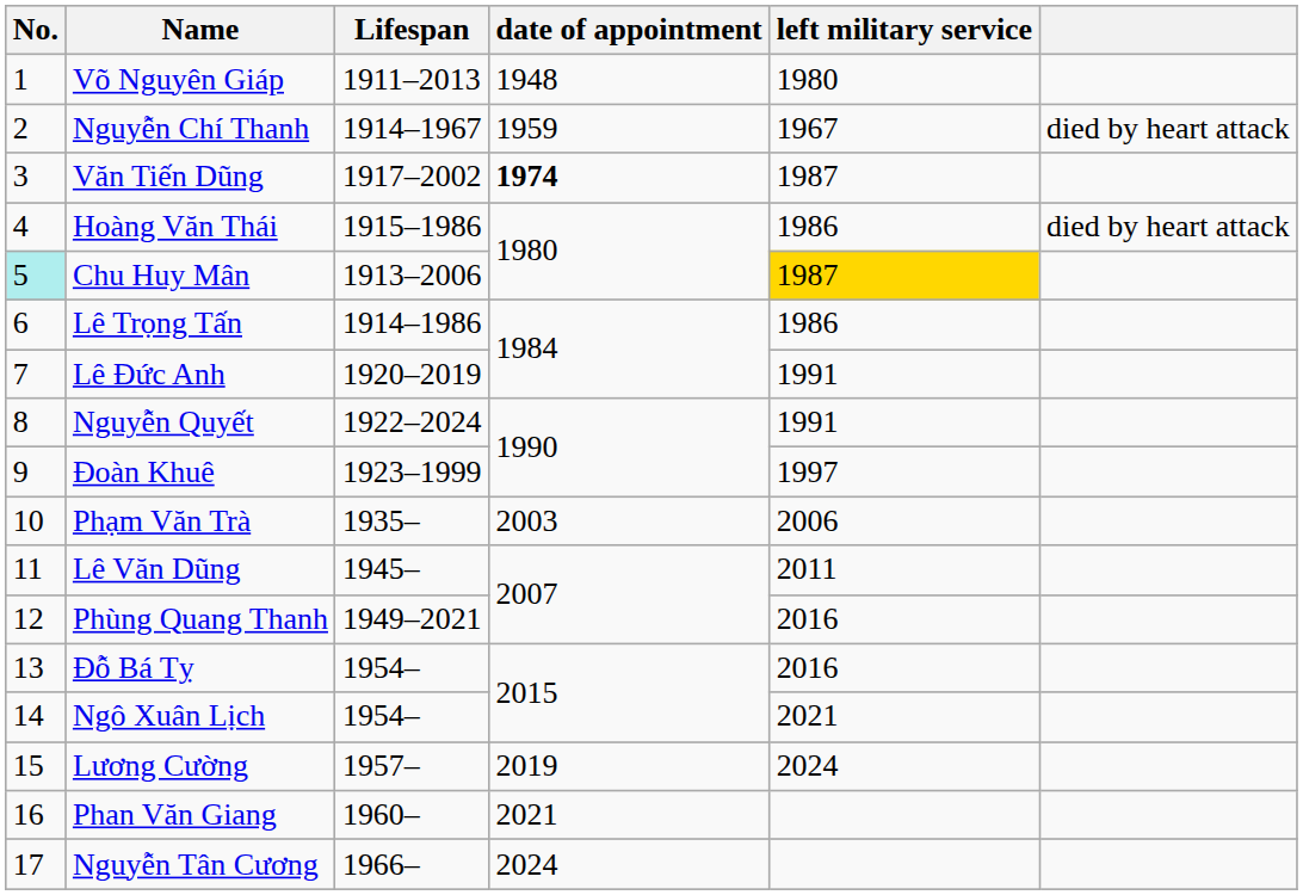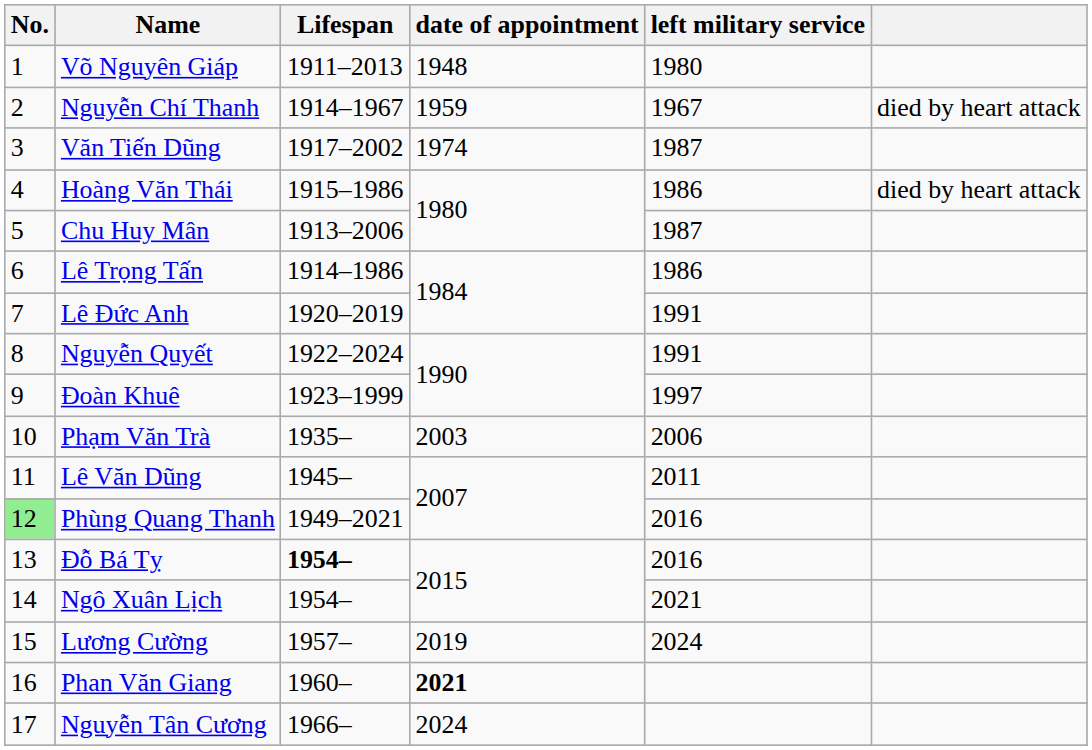 <table class="wikitable sortable">
 <tr>
 <th><abbr>No.</abbr></th>
 <th>Name</th>
 <th>Lifespan</th>
 <th>date of appointment</th>
 <th>left military service</th>
 <th class="unsortable"></th>
 </tr>
 <tr>
 <td>1</td>
 <td><a href='#'>Võ Nguyên Giáp</a></td>
 <td>1911–2013</td>
 <td>1948</td>
 <td>1980</td>
 <td></td>
 </tr>
 <tr>
 <td>2</td>
 <td><a href='#'>Nguyễn Chí Thanh</a></td>
 <td>1914–1967</td>
 <td>1959</td>
 <td>1967</td>
 <td>died by heart attack</td>
 </tr>
 <tr>
 <td>3</td>
 <td><a href='#'>Văn Tiến Dũng</a></td>
 <td>1917–2002</td>
-<td><strong>1974</strong></td>
+<td>1974</td>
 <td>1987</td>
 <td></td>
 </tr>
 <tr>
 <td>4</td>
 <td><a href='#'>Hoàng Văn Thái</a></td>
 <td>1915–1986</td>
 <td rowspan="2">1980</td>
 <td>1986</td>
 <td>died by heart attack</td>
 </tr>
 <tr>
-<td style="background: paleturquoise;">5</td>
+<td>5</td>
 <td><a href='#'>Chu Huy Mân</a></td>
 <td>1913–2006</td>
-<td style="background: gold;">1987</td>
+<td>1987</td>
 <td></td>
 </tr>
 <tr>
 <td>6</td>
 <td><a href='#'>Lê Trọng Tấn</a></td>
 <td>1914–1986</td>
 <td rowspan="2">1984</td>
 <td>1986</td>
 <td></td>
 </tr>
 <tr>
 <td>7</td>
 <td><a href='#'>Lê Đức Anh</a></td>
 <td>1920–2019</td>
 <td>1991</td>
 <td></td>
 </tr>
 <tr>
 <td>8</td>
 <td><a href='#'>Nguyễn Quyết</a></td>
 <td>1922–2024</td>
 <td rowspan="2">1990</td>
 <td>1991</td>
 <td></td>
 </tr>
 <tr>
 <td>9</td>
 <td><a href='#'>Đoàn Khuê</a></td>
 <td>1923–1999</td>
 <td>1997</td>
 <td></td>
 </tr>
 <tr>
 <td>10</td>
 <td><a href='#'>Phạm Văn Trà</a></td>
 <td>1935–</td>
 <td>2003</td>
 <td>2006</td>
 <td></td>
 </tr>
 <tr>
 <td>11</td>
 <td><a href='#'>Lê Văn Dũng</a></td>
 <td>1945–</td>
 <td rowspan="2">2007</td>
 <td>2011</td>
 <td></td>
 </tr>
 <tr>
-<td>12</td>
+<td style="background: lightgreen;">12</td>
 <td><a href='#'>Phùng Quang Thanh</a></td>
 <td>1949–2021</td>
 <td>2016</td>
 <td></td>
 </tr>
 <tr>
 <td>13</td>
 <td><a href='#'>Đỗ Bá Tỵ</a></td>
-<td>1954–</td>
+<td><strong>1954–</strong></td>
 <td rowspan="2">2015</td>
 <td>2016</td>
 <td></td>
 </tr>
 <tr>
 <td>14</td>
 <td><a href='#'>Ngô Xuân Lịch</a></td>
 <td>1954–</td>
 <td>2021</td>
 <td></td>
 </tr>
 <tr>
 <td>15</td>
 <td><a href='#'>Lương Cường</a></td>
 <td>1957–</td>
 <td>2019</td>
 <td>2024</td>
 <td></td>
 </tr>
 <tr>
 <td>16</td>
 <td><a href='#'>Phan Văn Giang</a></td>
 <td>1960–</td>
-<td>2021</td>
+<td><strong>2021</strong></td>
 <td></td>
 <td></td>
 </tr>
 <tr>
 <td>17</td>
 <td><a href='#'>Nguyễn Tân Cương</a></td>
 <td>1966–</td>
 <td>2024</td>
 <td></td>
 <td></td>
 </tr>
 </table>
